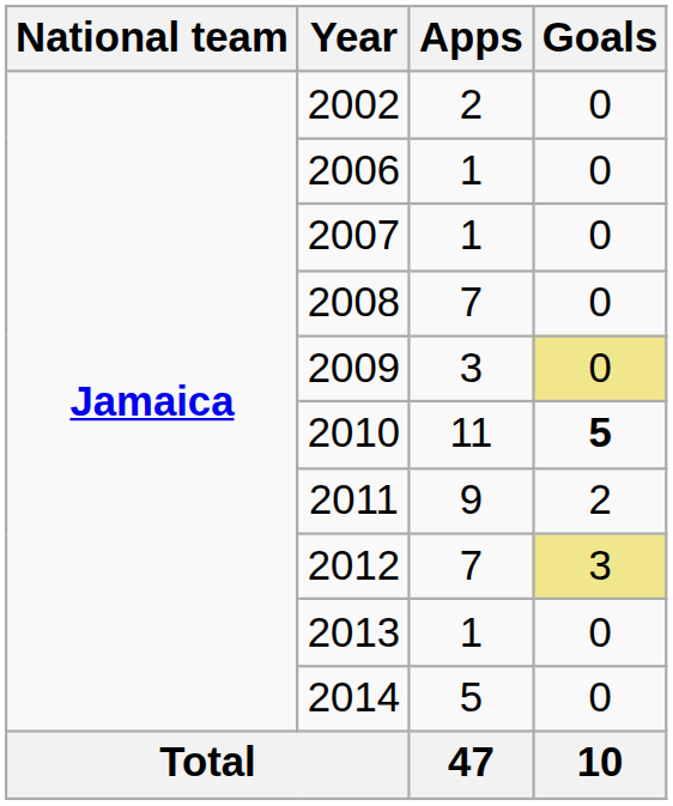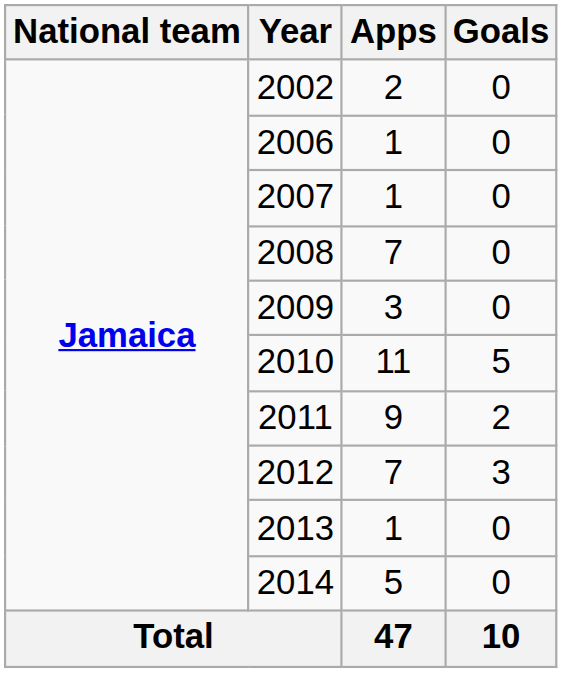 <table class="wikitable" style="text-align:center;">
 <tr>
 <th>National team</th>
 <th>Year</th>
 <th>Apps</th>
 <th>Goals</th>
 </tr>
 <tr>
 <td rowspan="10"><strong><a href='#'>Jamaica</a></strong></td>
 <td>2002</td>
 <td>2</td>
 <td>0</td>
 </tr>
 <tr>
 <td>2006</td>
 <td>1</td>
 <td>0</td>
 </tr>
 <tr>
 <td>2007</td>
 <td>1</td>
 <td>0</td>
 </tr>
 <tr>
 <td>2008</td>
 <td>7</td>
 <td>0</td>
 </tr>
 <tr>
 <td>2009</td>
 <td>3</td>
-<td style="background: khaki;">0</td>
+<td>0</td>
 </tr>
 <tr>
 <td>2010</td>
 <td>11</td>
-<td><strong>5</strong></td>
+<td>5</td>
 </tr>
 <tr>
 <td>2011</td>
 <td>9</td>
 <td>2</td>
 </tr>
 <tr>
 <td>2012</td>
 <td>7</td>
-<td style="background: khaki;">3</td>
+<td>3</td>
 </tr>
 <tr>
 <td>2013</td>
 <td>1</td>
 <td>0</td>
 </tr>
 <tr>
 <td>2014</td>
 <td>5</td>
 <td>0</td>
 </tr>
 <tr>
 <th colspan=2>Total</th>
 <th>47</th>
 <th>10</th>
 </tr>
 </table>
